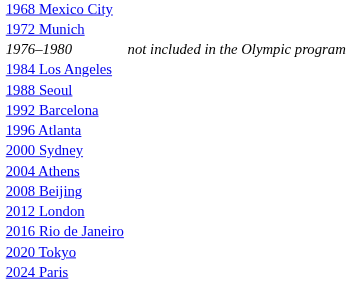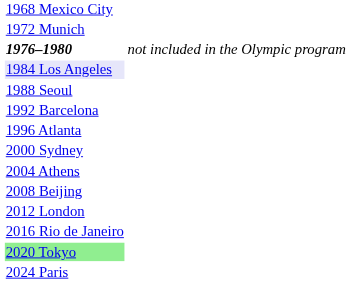 <table>
 <tr>
 <td><a href='#'>1968 Mexico City</a><br></td>
 <td></td>
 <td></td>
 <td></td>
 </tr>
 <tr>
 <td><a href='#'>1972 Munich</a><br></td>
 <td></td>
 <td></td>
 <td></td>
 </tr>
 <tr>
-<td><em>1976–1980</em></td>
+<td><strong><em>1976–1980</em></strong></td>
 <td colspan=3 align=center><em>not included in the Olympic program</em></td>
 </tr>
 <tr>
-<td><a href='#'>1984 Los Angeles</a><br></td>
+<td style="background: lavender;"><a href='#'>1984 Los Angeles</a><br></td>
 <td></td>
 <td></td>
 <td></td>
 </tr>
 <tr>
 <td><a href='#'>1988 Seoul</a><br></td>
 <td></td>
 <td></td>
 <td></td>
 </tr>
 <tr>
 <td><a href='#'>1992 Barcelona</a><br></td>
 <td></td>
 <td></td>
 <td></td>
 </tr>
 <tr>
 <td><a href='#'>1996 Atlanta</a><br></td>
 <td></td>
 <td></td>
 <td></td>
 </tr>
 <tr>
 <td><a href='#'>2000 Sydney</a><br></td>
 <td></td>
 <td></td>
 <td></td>
 </tr>
 <tr>
 <td><a href='#'>2004 Athens</a><br></td>
 <td></td>
 <td></td>
 <td></td>
 </tr>
 <tr>
 <td><a href='#'>2008 Beijing</a><br></td>
 <td></td>
 <td></td>
 <td></td>
 </tr>
 <tr>
 <td><a href='#'>2012 London</a><br></td>
 <td></td>
 <td></td>
 <td></td>
 </tr>
 <tr>
 <td><a href='#'>2016 Rio de Janeiro</a><br></td>
 <td></td>
 <td></td>
 <td></td>
 </tr>
 <tr>
-<td><a href='#'>2020 Tokyo</a><br></td>
+<td style="background: lightgreen;"><a href='#'>2020 Tokyo</a><br></td>
 <td></td>
 <td></td>
 <td></td>
 </tr>
 <tr>
 <td><a href='#'>2024 Paris</a><br></td>
 <td></td>
 <td></td>
 <td></td>
 </tr>
 <tr>
 </tr>
 </table>
